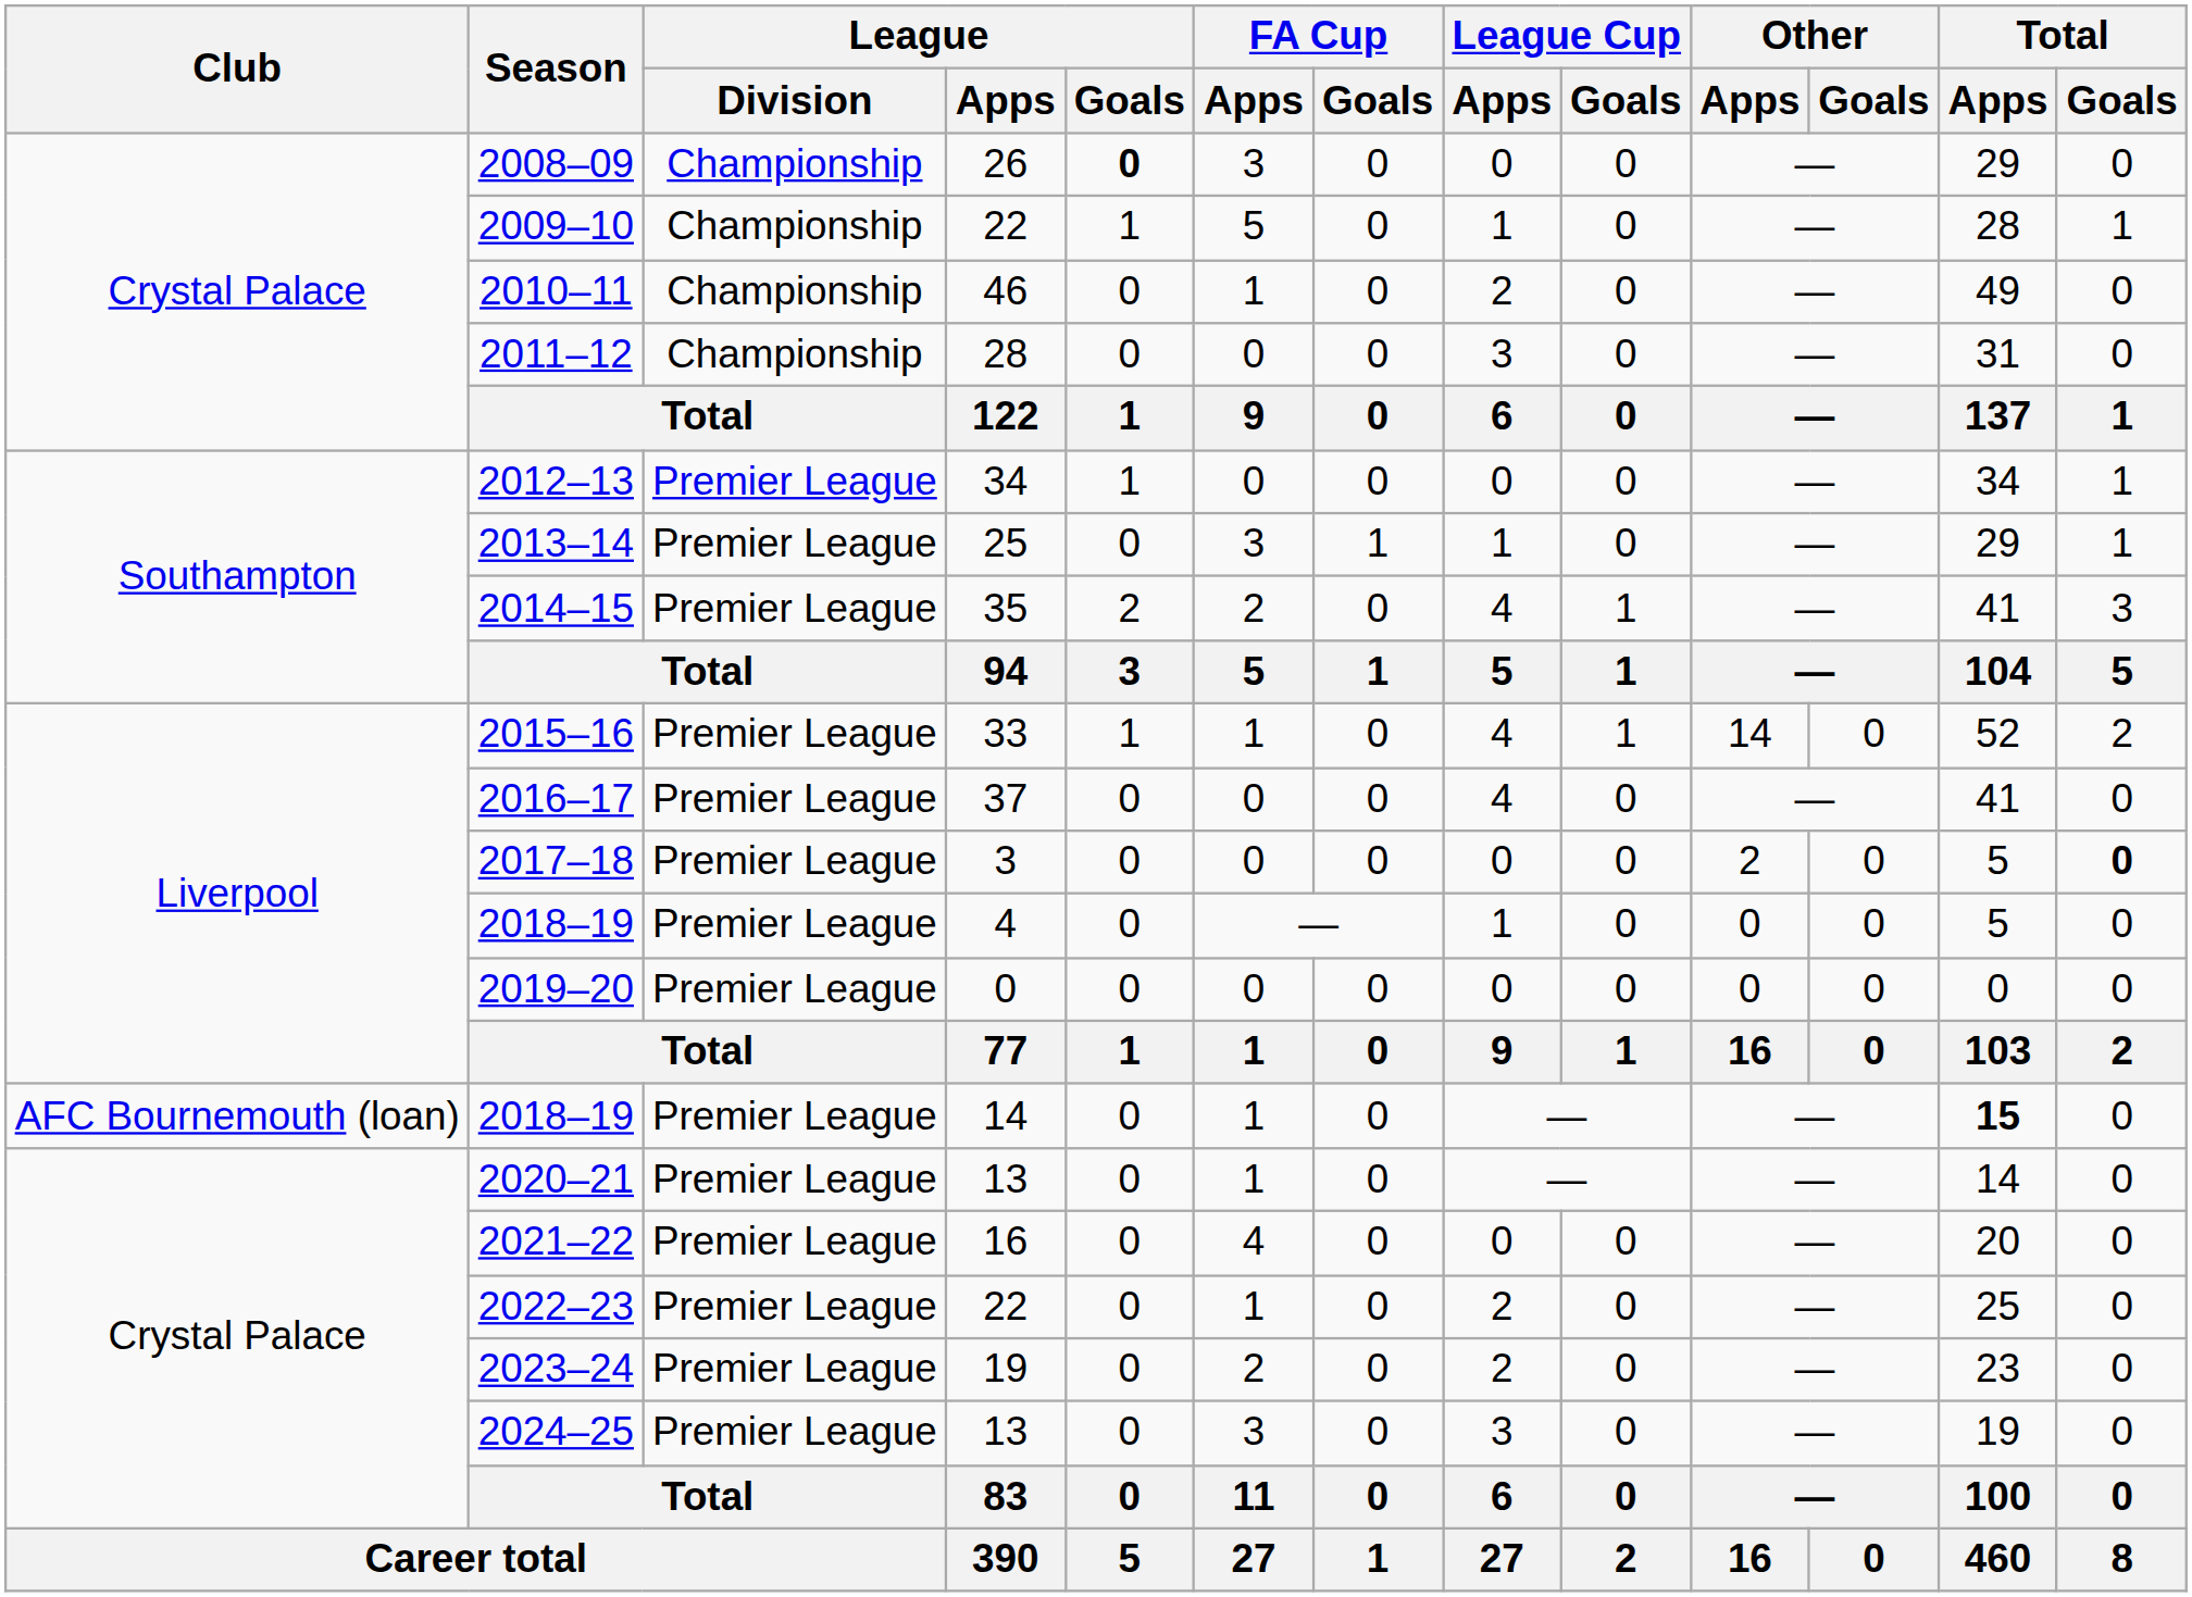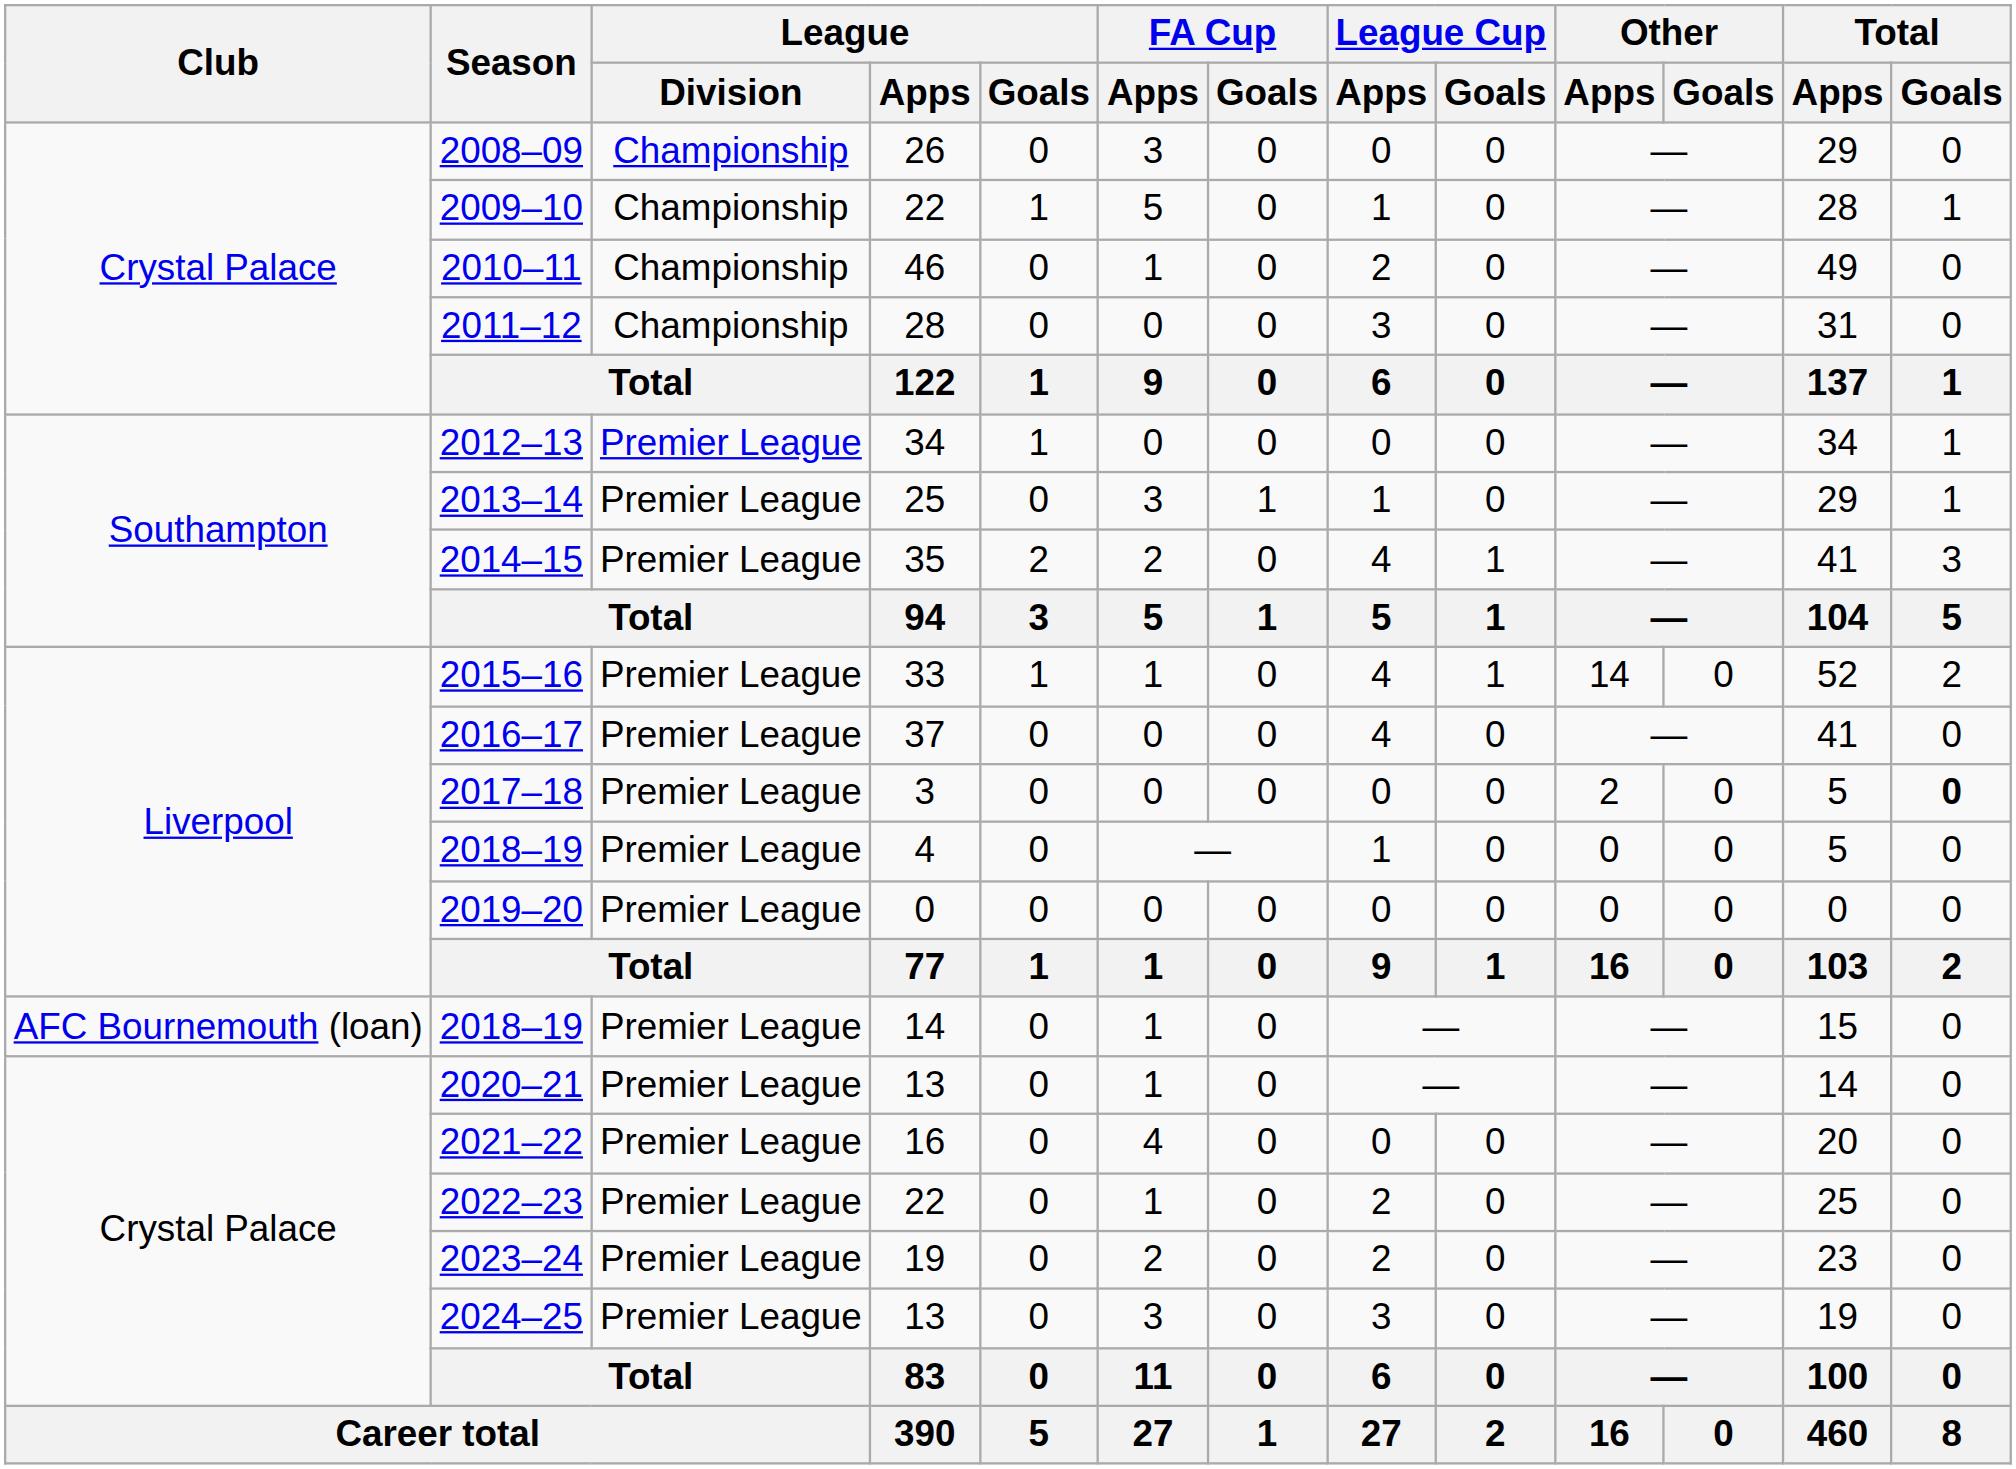 <table class=wikitable style=text-align:center>
 <tr>
 <th rowspan=2>Club</th>
 <th rowspan=2>Season</th>
 <th colspan=3>League</th>
 <th colspan=2><a href='#'>FA Cup</a></th>
 <th colspan=2><a href='#'>League Cup</a></th>
 <th colspan=2>Other</th>
 <th colspan=2>Total</th>
 </tr>
 <tr>
 <th>Division</th>
 <th>Apps</th>
 <th>Goals</th>
 <th>Apps</th>
 <th>Goals</th>
 <th>Apps</th>
 <th>Goals</th>
 <th>Apps</th>
 <th>Goals</th>
 <th>Apps</th>
 <th>Goals</th>
 </tr>
 <tr>
 <td rowspan=5><a href='#'>Crystal Palace</a></td>
 <td><a href='#'>2008–09</a></td>
 <td><a href='#'>Championship</a></td>
 <td>26</td>
-<td><strong>0</strong></td>
+<td>0</td>
 <td>3</td>
 <td>0</td>
 <td>0</td>
 <td>0</td>
 <td colspan=2>—</td>
 <td>29</td>
 <td>0</td>
 </tr>
 <tr>
 <td><a href='#'>2009–10</a></td>
 <td>Championship</td>
 <td>22</td>
 <td>1</td>
 <td>5</td>
 <td>0</td>
 <td>1</td>
 <td>0</td>
 <td colspan=2>—</td>
 <td>28</td>
 <td>1</td>
 </tr>
 <tr>
 <td><a href='#'>2010–11</a></td>
 <td>Championship</td>
 <td>46</td>
 <td>0</td>
 <td>1</td>
 <td>0</td>
 <td>2</td>
 <td>0</td>
 <td colspan=2>—</td>
 <td>49</td>
 <td>0</td>
 </tr>
 <tr>
 <td><a href='#'>2011–12</a></td>
 <td>Championship</td>
 <td>28</td>
 <td>0</td>
 <td>0</td>
 <td>0</td>
 <td>3</td>
 <td>0</td>
 <td colspan=2>—</td>
 <td>31</td>
 <td>0</td>
 </tr>
 <tr>
 <th colspan=2>Total</th>
 <th>122</th>
 <th>1</th>
 <th>9</th>
 <th>0</th>
 <th>6</th>
 <th>0</th>
 <th colspan=2>—</th>
 <th>137</th>
 <th>1</th>
 </tr>
 <tr>
 <td rowspan=4><a href='#'>Southampton</a></td>
 <td><a href='#'>2012–13</a></td>
 <td><a href='#'>Premier League</a></td>
 <td>34</td>
 <td>1</td>
 <td>0</td>
 <td>0</td>
 <td>0</td>
 <td>0</td>
 <td colspan=2>—</td>
 <td>34</td>
 <td>1</td>
 </tr>
 <tr>
 <td><a href='#'>2013–14</a></td>
 <td>Premier League</td>
 <td>25</td>
 <td>0</td>
 <td>3</td>
 <td>1</td>
 <td>1</td>
 <td>0</td>
 <td colspan=2>—</td>
 <td>29</td>
 <td>1</td>
 </tr>
 <tr>
 <td><a href='#'>2014–15</a></td>
 <td>Premier League</td>
 <td>35</td>
 <td>2</td>
 <td>2</td>
 <td>0</td>
 <td>4</td>
 <td>1</td>
 <td colspan=2>—</td>
 <td>41</td>
 <td>3</td>
 </tr>
 <tr>
 <th colspan=2>Total</th>
 <th>94</th>
 <th>3</th>
 <th>5</th>
 <th>1</th>
 <th>5</th>
 <th>1</th>
 <th colspan=2>—</th>
 <th>104</th>
 <th>5</th>
 </tr>
 <tr>
 <td rowspan=6><a href='#'>Liverpool</a></td>
 <td><a href='#'>2015–16</a></td>
 <td>Premier League</td>
 <td>33</td>
 <td>1</td>
 <td>1</td>
 <td>0</td>
 <td>4</td>
 <td>1</td>
 <td>14</td>
 <td>0</td>
 <td>52</td>
 <td>2</td>
 </tr>
 <tr>
 <td><a href='#'>2016–17</a></td>
 <td>Premier League</td>
 <td>37</td>
 <td>0</td>
 <td>0</td>
 <td>0</td>
 <td>4</td>
 <td>0</td>
 <td colspan=2>—</td>
 <td>41</td>
 <td>0</td>
 </tr>
 <tr>
 <td><a href='#'>2017–18</a></td>
 <td>Premier League</td>
 <td>3</td>
 <td>0</td>
 <td>0</td>
 <td>0</td>
 <td>0</td>
 <td>0</td>
 <td 0>2</td>
 <td>0</td>
 <td>5</td>
 <td><strong>0</strong></td>
 </tr>
 <tr>
 <td><a href='#'>2018–19</a></td>
 <td>Premier League</td>
 <td>4</td>
 <td>0</td>
 <td colspan=2>—</td>
 <td>1</td>
 <td>0</td>
 <td>0</td>
 <td>0</td>
 <td>5</td>
 <td>0</td>
 </tr>
 <tr>
 <td><a href='#'>2019–20</a></td>
 <td>Premier League</td>
 <td>0</td>
 <td>0</td>
 <td>0</td>
 <td>0</td>
 <td>0</td>
 <td>0</td>
 <td>0</td>
 <td>0</td>
 <td>0</td>
 <td>0</td>
 </tr>
 <tr>
 <th colspan=2>Total</th>
 <th>77</th>
 <th>1</th>
 <th>1</th>
 <th>0</th>
 <th>9</th>
 <th>1</th>
 <th>16</th>
 <th>0</th>
 <th>103</th>
 <th>2</th>
 </tr>
 <tr>
 <td><a href='#'>AFC Bournemouth</a> (loan)</td>
 <td><a href='#'>2018–19</a></td>
 <td>Premier League</td>
 <td>14</td>
 <td>0</td>
 <td>1</td>
 <td>0</td>
 <td colspan=2>—</td>
 <td colspan=2>—</td>
-<td><strong>15</strong></td>
+<td>15</td>
 <td>0</td>
 </tr>
 <tr>
 <td rowspan=6>Crystal Palace</td>
 <td><a href='#'>2020–21</a></td>
 <td>Premier League</td>
 <td>13</td>
 <td>0</td>
 <td>1</td>
 <td>0</td>
 <td colspan=2>—</td>
 <td colspan=2>—</td>
 <td>14</td>
 <td>0</td>
 </tr>
 <tr>
 <td><a href='#'>2021–22</a></td>
 <td>Premier League</td>
 <td>16</td>
 <td>0</td>
 <td>4</td>
 <td>0</td>
 <td>0</td>
 <td>0</td>
 <td colspan=2>—</td>
 <td>20</td>
 <td>0</td>
 </tr>
 <tr>
 <td><a href='#'>2022–23</a></td>
 <td>Premier League</td>
 <td>22</td>
 <td>0</td>
 <td>1</td>
 <td>0</td>
 <td>2</td>
 <td>0</td>
 <td colspan=2>—</td>
 <td>25</td>
 <td>0</td>
 </tr>
 <tr>
 <td><a href='#'>2023–24</a></td>
 <td>Premier League</td>
 <td>19</td>
 <td>0</td>
 <td>2</td>
 <td>0</td>
 <td>2</td>
 <td>0</td>
 <td colspan=2>—</td>
 <td>23</td>
 <td>0</td>
 </tr>
 <tr>
 <td><a href='#'>2024–25</a></td>
 <td>Premier League</td>
 <td>13</td>
 <td>0</td>
 <td>3</td>
 <td>0</td>
 <td>3</td>
 <td>0</td>
 <td colspan=2>—</td>
 <td>19</td>
 <td>0</td>
 </tr>
 <tr>
 <th colspan=2>Total</th>
 <th>83</th>
 <th>0</th>
 <th>11</th>
 <th>0</th>
 <th>6</th>
 <th>0</th>
 <th colspan=2>—</th>
 <th>100</th>
 <th>0</th>
 </tr>
 <tr>
 <th colspan=3>Career total</th>
 <th>390</th>
 <th>5</th>
 <th>27</th>
 <th>1</th>
 <th>27</th>
 <th>2</th>
 <th>16</th>
 <th>0</th>
 <th>460</th>
 <th>8</th>
 </tr>
 </table>
